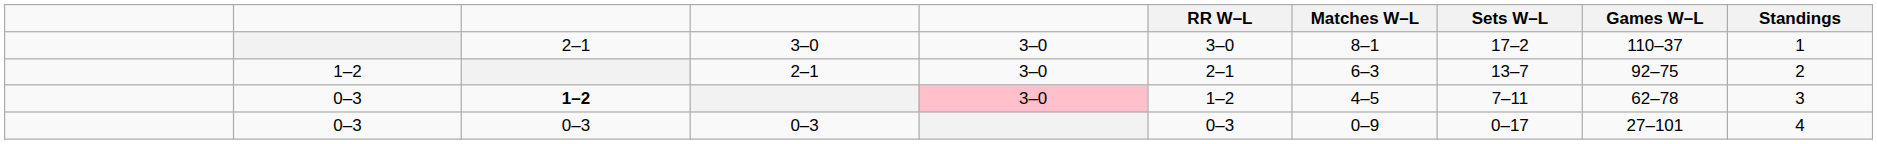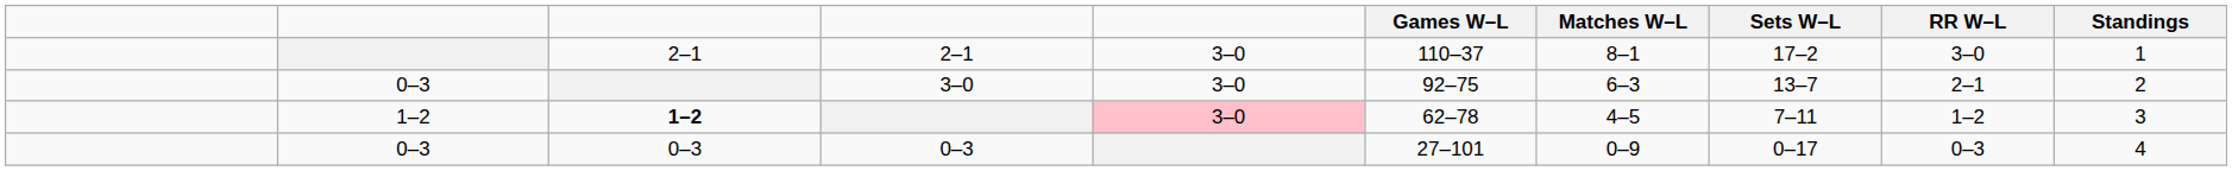 <table class="wikitable" style="width: 100%; text-align:center; font-size:90%">
 <tr>
 <td width=130></td>
 <td width=130></td>
 <td width=130></td>
 <td width=130></td>
 <td width=130></td>
-<th width=80>RR W–L</th>
+<th width=80>Games W–L</th>
 <th width=80>Matches W–L</th>
 <th width=80>Sets W–L</th>
-<th width=80>Games W–L</th>
+<th width=80>RR W–L</th>
 <th width=80>Standings</th>
 </tr>
 <tr>
 <td style="text-align:left;"></td>
 <th bgcolor="ededed"></th>
 <td>2–1</td>
+<td>2–1</td>
 <td>3–0</td>
-<td>3–0</td>
-<td>3–0</td>
+<td>110–37</td>
 <td>8–1</td>
 <td>17–2</td>
-<td>110–37</td>
+<td>3–0</td>
 <td>1</td>
 </tr>
 <tr>
 <td style="text-align:left;"></td>
-<td>1–2</td>
+<td>0–3</td>
 <th bgcolor="ededed"></th>
-<td>2–1</td>
 <td>3–0</td>
-<td>2–1</td>
+<td>3–0</td>
+<td>92–75</td>
 <td>6–3</td>
 <td>13–7</td>
-<td>92–75</td>
+<td>2–1</td>
 <td>2</td>
 </tr>
 <tr>
 <td style="text-align:left;"></td>
-<td>0–3</td>
+<td>1–2</td>
 <td><strong>1–2</strong></td>
 <th bgcolor="ededed"></th>
 <td style="background: pink;">3–0</td>
-<td>1–2</td>
+<td>62–78</td>
 <td>4–5</td>
 <td>7–11</td>
-<td>62–78</td>
+<td>1–2</td>
 <td>3</td>
 </tr>
 <tr>
 <td style="text-align:left;"></td>
 <td>0–3</td>
 <td>0–3</td>
 <td>0–3</td>
 <th bgcolor="ededed"></th>
-<td>0–3</td>
+<td>27–101</td>
 <td>0–9</td>
 <td>0–17</td>
-<td>27–101</td>
+<td>0–3</td>
 <td>4</td>
 </tr>
 </table>
